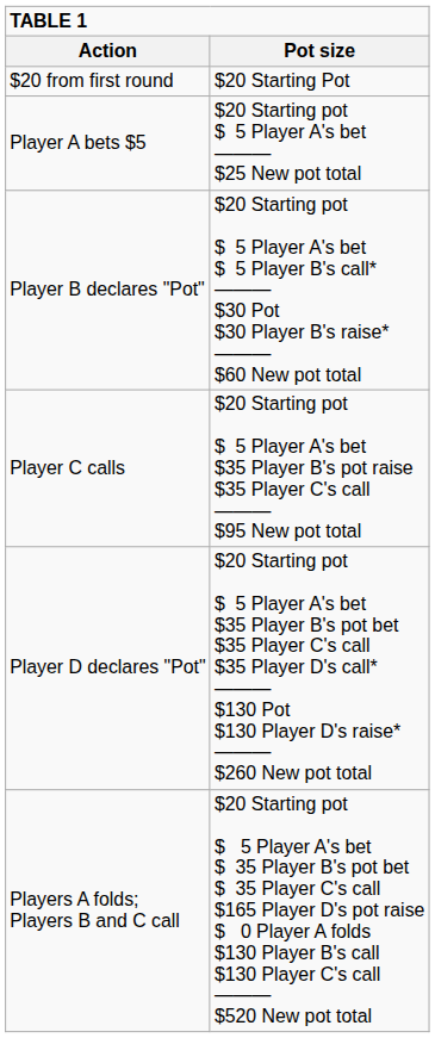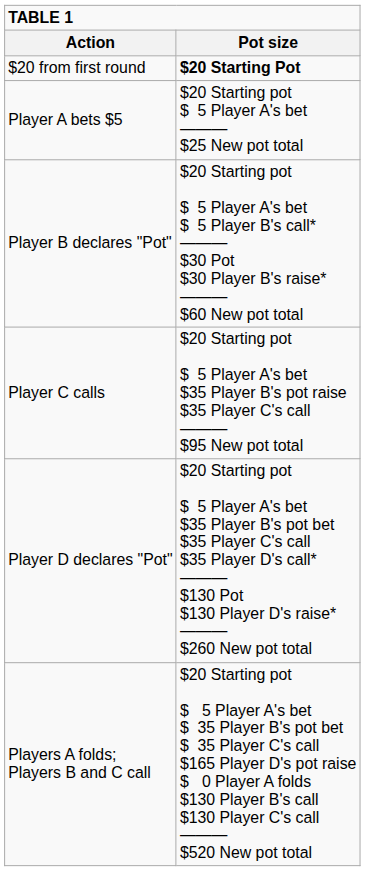 <table class="wikitable" style="width:25% float:right" align="right">
 <tr>
 <td colspan="2"><strong>TABLE 1</strong></td>
 </tr>
 <tr>
 <th>Action</th>
 <th>Pot size</th>
 </tr>
 <tr>
 <td>$20 from first round</td>
-<td>$20 Starting Pot</td>
+<td><strong>$20 Starting Pot</strong></td>
 </tr>
 <tr>
 <td>Player A bets $5</td>
 <td>$20 Starting pot<br>$  5 Player A's bet<br> ———<br> $25 New pot total</td>
 </tr>
 <tr>
 <td>Player B declares "Pot"</td>
 <td>$20 Starting pot<br><br>$  5 Player A's bet<br> $  5 Player B's call*<br> ———<br> $30 Pot<br> $30 Player B's raise*<br> ———<br> $60 New pot total</td>
 </tr>
 <tr>
 <td>Player C calls</td>
 <td>$20 Starting pot<br><br>$  5 Player A's bet<br> $35 Player B's pot raise<br> $35 Player C's call<br> ———<br> $95 New pot total</td>
 </tr>
 <tr>
 <td>Player D declares "Pot"</td>
 <td>$20 Starting pot<br><br>$  5 Player A's bet<br> $35 Player B's pot bet<br> $35 Player C's call<br> $35 Player D's call*<br> ———<br> $130 Pot<br> $130 Player D's raise*<br> ———<br> $260 New pot total</td>
 </tr>
 <tr>
 <td>Players A folds;<br>Players B and C call</td>
 <td>$20 Starting pot<br><br>$   5 Player A's bet<br> $  35 Player B's pot bet<br> $  35 Player C's call<br> $165 Player D's pot raise<br> $   0 Player A folds<br> $130 Player B's call<br> $130 Player C's call<br> ———<br> $520 New pot total</td>
 </tr>
 </table>
